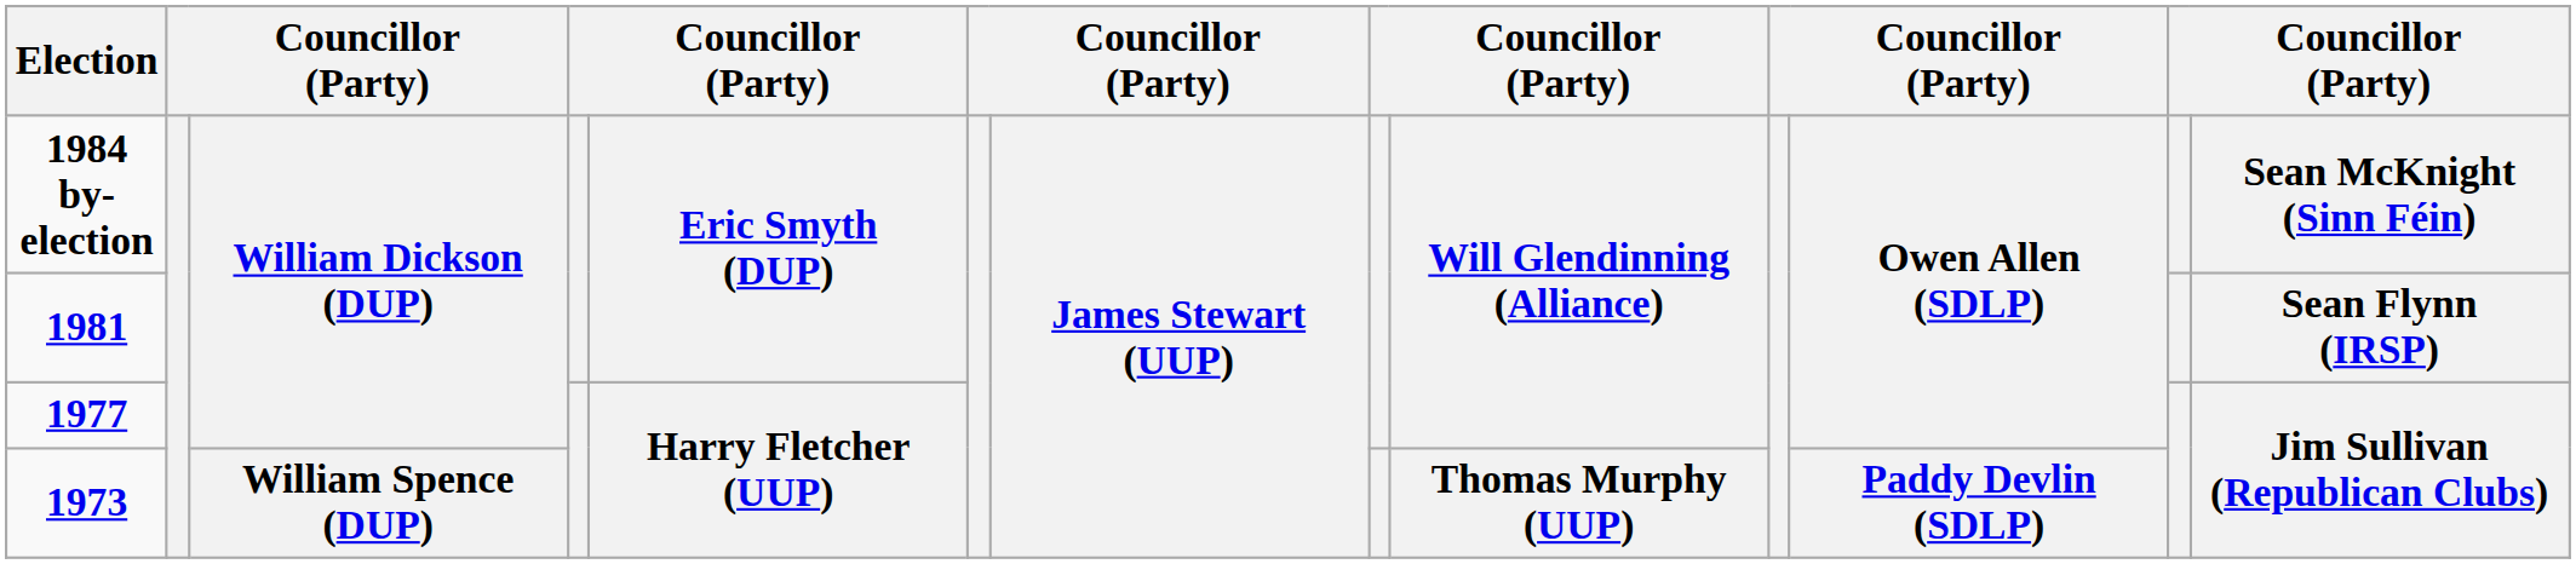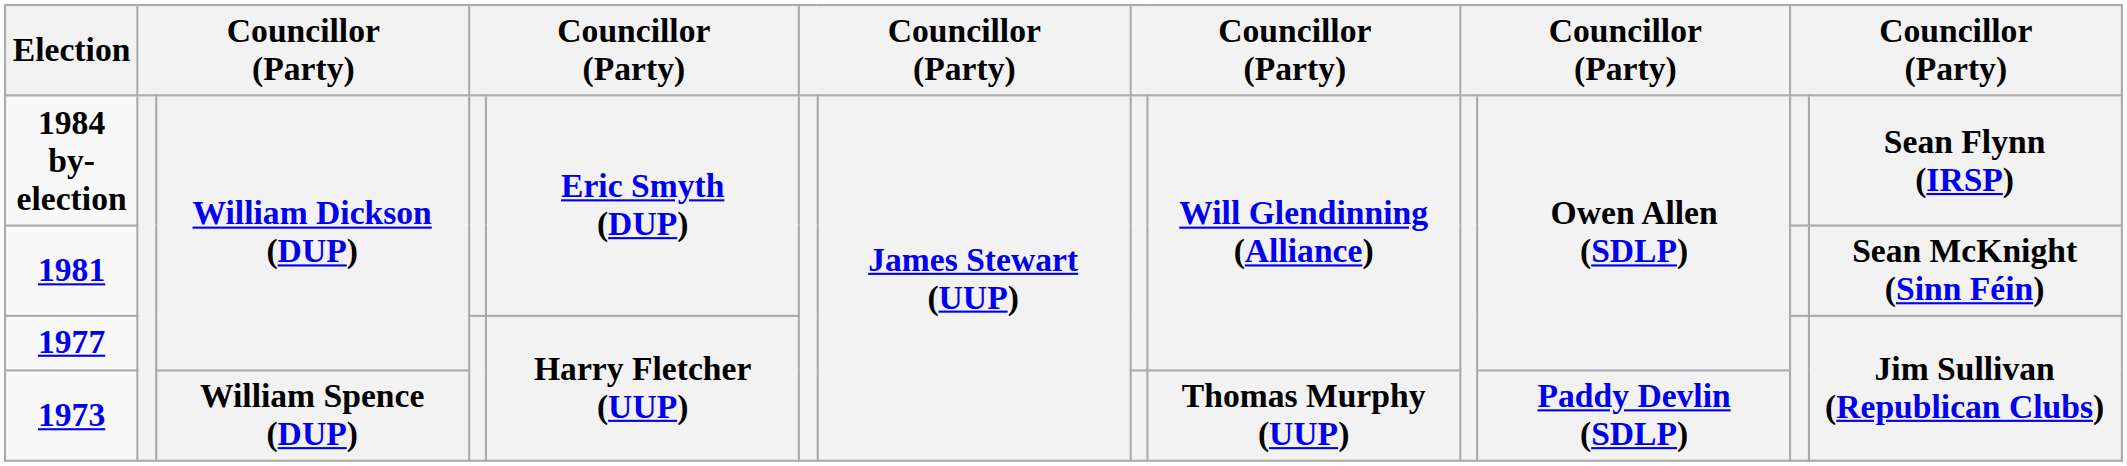 <table class="wikitable" style="text-align:center">
 <tr>
 <th scope="col" width="50">Election</th>
 <th scope="col" width="150" colspan = "2">Councillor<br> (Party)</th>
 <th scope="col" width="150" colspan = "2">Councillor<br> (Party)</th>
 <th scope="col" width="150" colspan = "2">Councillor<br> (Party)</th>
 <th scope="col" width="150" colspan = "2">Councillor<br> (Party)</th>
 <th scope="col" width="150" colspan = "2">Councillor<br> (Party)</th>
 <th scope="col" width="150" colspan = "2">Councillor<br> (Party)</th>
 </tr>
 <tr>
 <td><strong>1984 by-election</strong></td>
 <th rowspan="4" width="1" style="background-color: "></th>
 <th rowspan = "3"><a href='#'>William Dickson</a> <br> (<a href='#'>DUP</a>)</th>
 <th rowspan="2" width="1" style="background-color: "></th>
 <th rowspan = "2"><a href='#'>Eric Smyth</a> <br> (<a href='#'>DUP</a>)</th>
 <th rowspan="4" width="1" style="background-color: "></th>
 <th rowspan = "4"><a href='#'>James Stewart</a> <br> (<a href='#'>UUP</a>)</th>
 <th rowspan="3" width="1" style="background-color: "></th>
 <th rowspan = "3"><a href='#'>Will Glendinning</a> <br> (<a href='#'>Alliance</a>)</th>
 <th rowspan="4" width="1" style="background-color: "></th>
 <th rowspan = "3">Owen Allen <br> (<a href='#'>SDLP</a>)</th>
 <th rowspan="1" width="1" style="background-color: "></th>
-<th rowspan = "1">Sean McKnight <br> (<a href='#'>Sinn Féin</a>)</th>
+<th rowspan = "1">Sean Flynn <br> (<a href='#'>IRSP</a>)</th>
 </tr>
 <tr>
 <td><strong><a href='#'>1981</a></strong></td>
 <th rowspan="1" width="1" style="background-color: "></th>
-<th rowspan = "1">Sean Flynn <br> (<a href='#'>IRSP</a>)</th>
+<th rowspan = "1">Sean McKnight <br> (<a href='#'>Sinn Féin</a>)</th>
 </tr>
 <tr>
 <td><strong><a href='#'>1977</a></strong></td>
 <th rowspan="2" width="1" style="background-color: "></th>
 <th rowspan = "2">Harry Fletcher <br> (<a href='#'>UUP</a>)</th>
 <th rowspan="2" width="1" style="background-color: "></th>
 <th rowspan = "2">Jim Sullivan <br> (<a href='#'>Republican Clubs</a>)</th>
 </tr>
 <tr>
 <td><strong><a href='#'>1973</a></strong></td>
 <th rowspan = "1">William Spence <br> (<a href='#'>DUP</a>)</th>
 <th rowspan="1" width="1" style="background-color: "></th>
 <th rowspan = "1">Thomas Murphy <br> (<a href='#'>UUP</a>)</th>
 <th rowspan = "1"><a href='#'>Paddy Devlin</a> <br> (<a href='#'>SDLP</a>)</th>
 </tr>
 </table>
